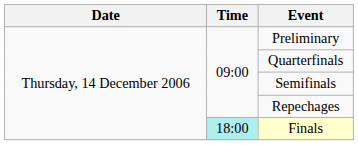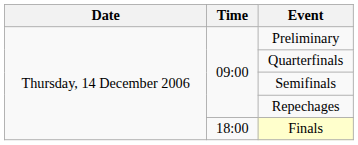 <table class = "wikitable" style="text-align:center;">
 <tr>
 <th width=220>Date</th>
 <th width=50>Time</th>
 <th width=100>Event</th>
 </tr>
 <tr>
 <td rowspan=5>Thursday, 14 December 2006</td>
 <td rowspan=4>09:00</td>
 <td>Preliminary</td>
 </tr>
 <tr>
 <td>Quarterfinals</td>
 </tr>
 <tr>
 <td>Semifinals</td>
 </tr>
 <tr>
 <td>Repechages</td>
 </tr>
 <tr>
-<td style="background: paleturquoise;">18:00</td>
+<td>18:00</td>
 <td bgcolor=ffffcc>Finals</td>
 </tr>
 </table>
